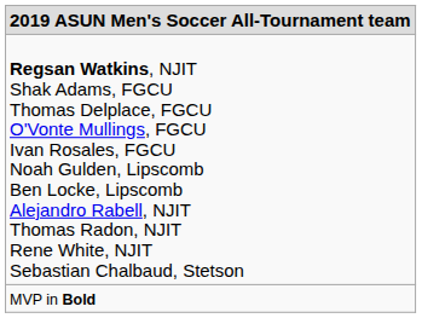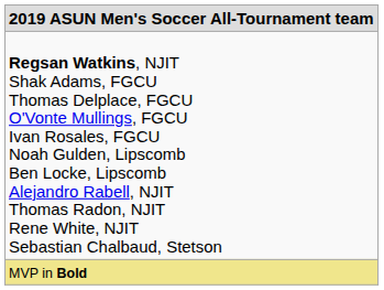 <table class="wikitable" style="white-space:nowrap; font-size:90%;">
 <tr>
 <td colspan="7" style="text-align:center; background:#ddd;"><strong>2019 ASUN Men's Soccer All-Tournament team</strong></td>
 </tr>
 <tr>
 <td><br><strong>Regsan Watkins</strong>, NJIT<br> Shak Adams, FGCU<br> Thomas Delplace, FGCU<br> <a href='#'>O'Vonte Mullings</a>, FGCU<br> Ivan Rosales, FGCU<br> Noah Gulden, Lipscomb<br> Ben Locke, Lipscomb<br> <a href='#'>Alejandro Rabell</a>, NJIT<br> Thomas Radon, NJIT<br> Rene White, NJIT<br> Sebastian Chalbaud, Stetson</td>
 </tr>
 <tr>
-<td><small>MVP in <strong>Bold</strong></small></td>
+<td style="background: khaki;"><small>MVP in <strong>Bold</strong></small></td>
 </tr>
 </table>
